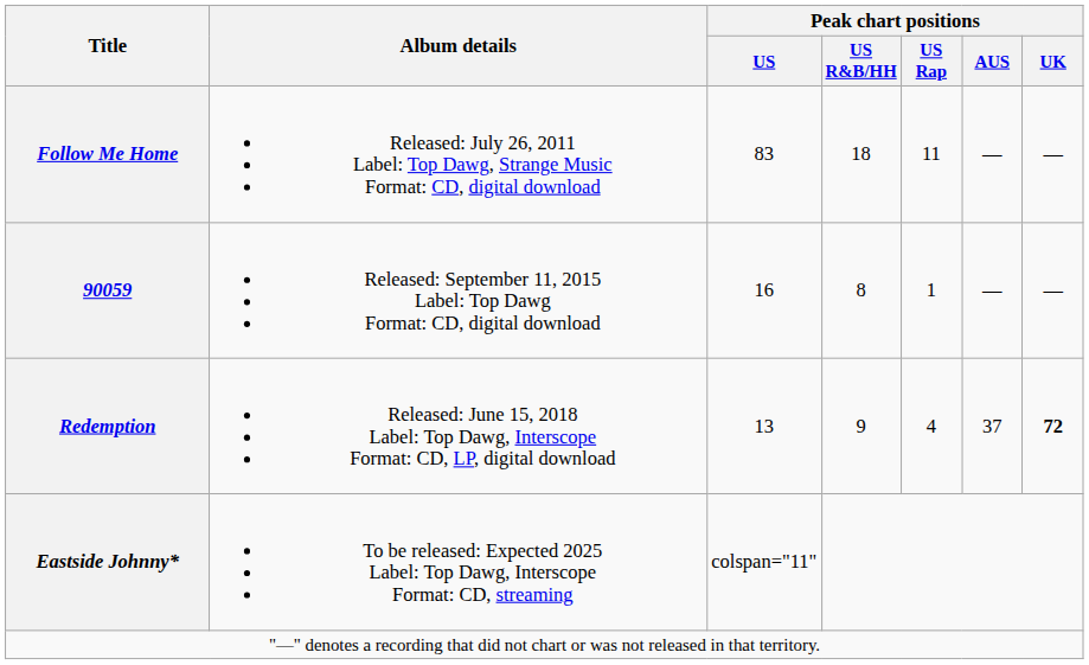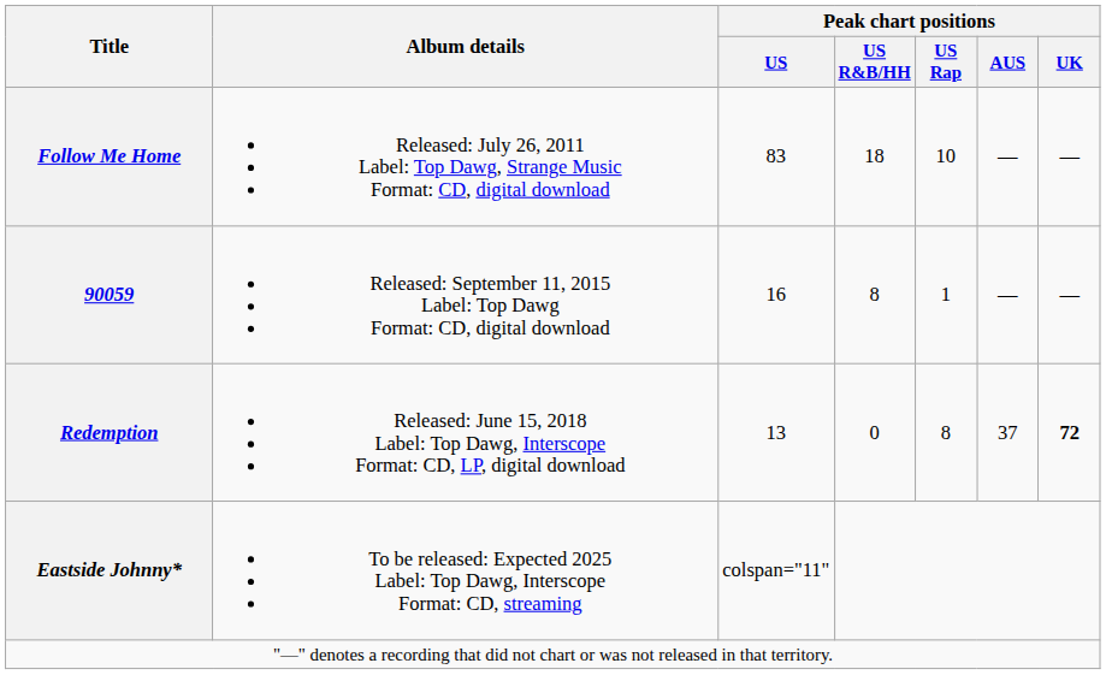 <table class="wikitable plainrowheaders" style="text-align:center;">
 <tr>
 <th scope="col" rowspan="2" style="width:10em;">Title</th>
 <th scope="col" rowspan="2" style="width:25em;">Album details</th>
 <th scope="col" colspan="5">Peak chart positions</th>
 </tr>
 <tr>
 <th scope="col" style="width:3em;font-size:90%;"><a href='#'>US</a><br></th>
 <th scope="col" style="width:3em;font-size:90%;"><a href='#'>US R&B/HH</a><br></th>
 <th scope="col" style="width:3em;font-size:90%;"><a href='#'>US<br>Rap</a><br></th>
 <th scope="col" style="width:3em;font-size:90%;"><a href='#'>AUS</a><br></th>
 <th scope="col" style="width:3em;font-size:90%;"><a href='#'>UK</a><br></th>
 </tr>
 <tr>
 <th scope="row"><em><a href='#'>Follow Me Home</a></em></th>
 <td><br><ul><li>Released: July 26, 2011</li><li>Label: <a href='#'>Top Dawg</a>, <a href='#'>Strange Music</a></li><li>Format: <a href='#'>CD</a>, <a href='#'>digital download</a></li></ul></td>
 <td>83</td>
 <td>18</td>
-<td>11</td>
+<td>10</td>
 <td>—</td>
 <td>—</td>
 </tr>
 <tr>
 <th scope="row"><em><a href='#'>90059</a></em></th>
 <td><br><ul><li>Released: September 11, 2015</li><li>Label: Top Dawg</li><li>Format: CD, digital download</li></ul></td>
 <td>16</td>
 <td>8</td>
 <td>1</td>
 <td>—</td>
 <td>—</td>
 </tr>
 <tr>
 <th scope="row"><em><a href='#'>Redemption</a></em></th>
 <td><br><ul><li>Released: June 15, 2018</li><li>Label: Top Dawg, <a href='#'>Interscope</a></li><li>Format: CD, <a href='#'>LP</a>, digital download</li></ul></td>
 <td>13</td>
-<td>9</td>
-<td>4</td>
+<td>0</td>
+<td>8</td>
 <td>37</td>
 <td><strong>72</strong></td>
 </tr>
 <tr>
 <th scope="row"><em>Eastside Johnny*</em></th>
 <td><br><ul><li>To be released: Expected 2025</li><li>Label: Top Dawg, Interscope</li><li>Format: CD, <a href='#'>streaming</a></li></ul></td>
 <td>colspan="11" </td>
 </tr>
 <tr>
 <td colspan="14" style="font-size:90%">"—" denotes a recording that did not chart or was not released in that territory.</td>
 </tr>
 </table>
